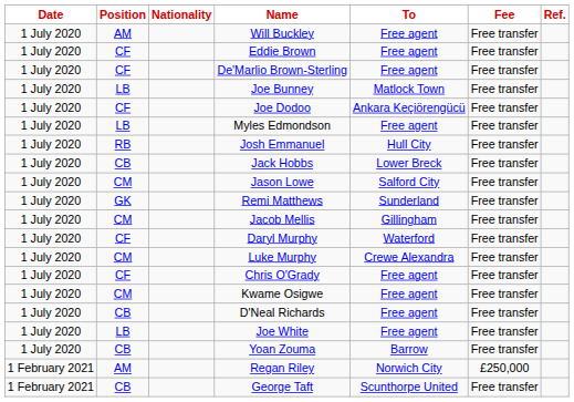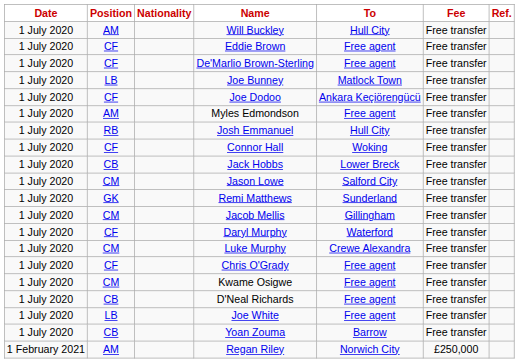 <table class="wikitable"  style="text-align:center; font-size:90%; ">
 <tr>
 <th style="background:#ffffff;color:#cc0000;">Date</th>
 <th style="background:#ffffff;color:#cc0000;">Position</th>
 <th style="background:#ffffff;color:#cc0000;">Nationality</th>
 <th style="background:#ffffff;color:#cc0000;">Name</th>
 <th style="background:#ffffff;color:#cc0000;">To</th>
 <th style="background:#ffffff;color:#cc0000;">Fee</th>
 <th style="background:#ffffff;color:#cc0000;">Ref.</th>
 </tr>
 <tr>
 <td>1 July 2020</td>
 <td><a href='#'>AM</a></td>
 <td></td>
 <td><a href='#'>Will Buckley</a></td>
-<td><a href='#'>Free agent</a></td>
+<td> <a href='#'>Hull City</a></td>
 <td>Free transfer</td>
 <td></td>
 </tr>
 <tr>
 <td>1 July 2020</td>
 <td><a href='#'>CF</a></td>
 <td></td>
 <td><a href='#'>Eddie Brown</a></td>
 <td><a href='#'>Free agent</a></td>
 <td>Free transfer</td>
 <td></td>
 </tr>
 <tr>
 <td>1 July 2020</td>
 <td><a href='#'>CF</a></td>
 <td></td>
 <td><a href='#'>De'Marlio Brown-Sterling</a></td>
 <td><a href='#'>Free agent</a></td>
 <td>Free transfer</td>
 <td></td>
 </tr>
 <tr>
 <td>1 July 2020</td>
 <td><a href='#'>LB</a></td>
 <td></td>
 <td><a href='#'>Joe Bunney</a></td>
 <td> <a href='#'>Matlock Town</a></td>
 <td>Free transfer</td>
 <td></td>
 </tr>
 <tr>
 <td>1 July 2020</td>
 <td><a href='#'>CF</a></td>
 <td></td>
 <td><a href='#'>Joe Dodoo</a></td>
 <td> <a href='#'>Ankara Keçiörengücü</a></td>
 <td>Free transfer</td>
 <td></td>
 </tr>
 <tr>
 <td>1 July 2020</td>
-<td><a href='#'>LB</a></td>
+<td><a href='#'>AM</a></td>
 <td></td>
 <td>Myles Edmondson</td>
 <td><a href='#'>Free agent</a></td>
 <td>Free transfer</td>
 <td></td>
 </tr>
 <tr>
 <td>1 July 2020</td>
 <td><a href='#'>RB</a></td>
 <td></td>
 <td><a href='#'>Josh Emmanuel</a></td>
 <td> <a href='#'>Hull City</a></td>
+<td>Free transfer</td>
+<td></td>
+</tr>
+<tr>
+<td>1 July 2020</td>
+<td><a href='#'>CF</a></td>
+<td></td>
+<td><a href='#'>Connor Hall</a></td>
+<td> <a href='#'>Woking</a></td>
 <td>Free transfer</td>
 <td></td>
 </tr>
 <tr>
 <td>1 July 2020</td>
 <td><a href='#'>CB</a></td>
 <td></td>
 <td><a href='#'>Jack Hobbs</a></td>
 <td> <a href='#'>Lower Breck</a></td>
 <td>Free transfer</td>
 <td></td>
 </tr>
 <tr>
 <td>1 July 2020</td>
 <td><a href='#'>CM</a></td>
 <td></td>
 <td><a href='#'>Jason Lowe</a></td>
 <td> <a href='#'>Salford City</a></td>
 <td>Free transfer</td>
 <td></td>
 </tr>
 <tr>
 <td>1 July 2020</td>
 <td><a href='#'>GK</a></td>
 <td></td>
 <td><a href='#'>Remi Matthews</a></td>
 <td> <a href='#'>Sunderland</a></td>
 <td>Free transfer</td>
 <td></td>
 </tr>
 <tr>
 <td>1 July 2020</td>
 <td><a href='#'>CM</a></td>
 <td></td>
 <td><a href='#'>Jacob Mellis</a></td>
 <td> <a href='#'>Gillingham</a></td>
 <td>Free transfer</td>
 <td></td>
 </tr>
 <tr>
 <td>1 July 2020</td>
 <td><a href='#'>CF</a></td>
 <td></td>
 <td><a href='#'>Daryl Murphy</a></td>
 <td> <a href='#'>Waterford</a></td>
 <td>Free transfer</td>
 <td></td>
 </tr>
 <tr>
 <td>1 July 2020</td>
 <td><a href='#'>CM</a></td>
 <td></td>
 <td><a href='#'>Luke Murphy</a></td>
 <td> <a href='#'>Crewe Alexandra</a></td>
 <td>Free transfer</td>
 <td></td>
 </tr>
 <tr>
 <td>1 July 2020</td>
 <td><a href='#'>CF</a></td>
 <td></td>
 <td><a href='#'>Chris O'Grady</a></td>
 <td><a href='#'>Free agent</a></td>
 <td>Free transfer</td>
 <td></td>
 </tr>
 <tr>
 <td>1 July 2020</td>
 <td><a href='#'>CM</a></td>
 <td></td>
 <td>Kwame Osigwe</td>
 <td><a href='#'>Free agent</a></td>
 <td>Free transfer</td>
 <td></td>
 </tr>
 <tr>
 <td>1 July 2020</td>
 <td><a href='#'>CB</a></td>
 <td></td>
 <td>D'Neal Richards</td>
 <td><a href='#'>Free agent</a></td>
 <td>Free transfer</td>
 <td></td>
 </tr>
 <tr>
 <td>1 July 2020</td>
 <td><a href='#'>LB</a></td>
 <td></td>
 <td><a href='#'>Joe White</a></td>
 <td><a href='#'>Free agent</a></td>
 <td>Free transfer</td>
 <td></td>
 </tr>
 <tr>
 <td>1 July 2020</td>
 <td><a href='#'>CB</a></td>
 <td></td>
 <td><a href='#'>Yoan Zouma</a></td>
 <td> <a href='#'>Barrow</a></td>
 <td>Free transfer</td>
 <td></td>
 </tr>
 <tr>
 <td>1 February 2021</td>
 <td><a href='#'>AM</a></td>
 <td></td>
 <td><a href='#'>Regan Riley</a></td>
 <td> <a href='#'>Norwich City</a></td>
 <td>£250,000</td>
 <td></td>
 </tr>
-<tr>
-<td>1 February 2021</td>
-<td><a href='#'>CB</a></td>
-<td></td>
-<td><a href='#'>George Taft</a></td>
-<td> <a href='#'>Scunthorpe United</a></td>
-<td>Free transfer</td>
-<td></td>
-</tr>
 </table>
